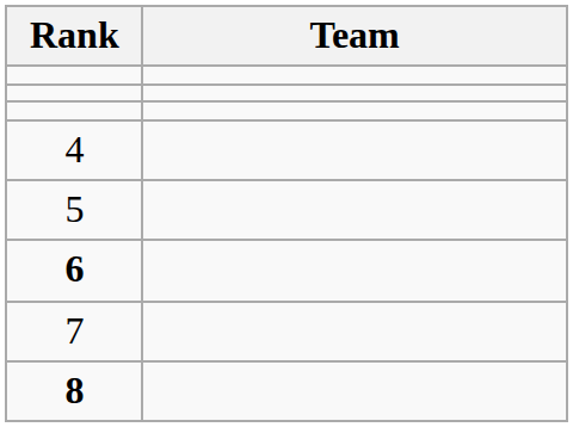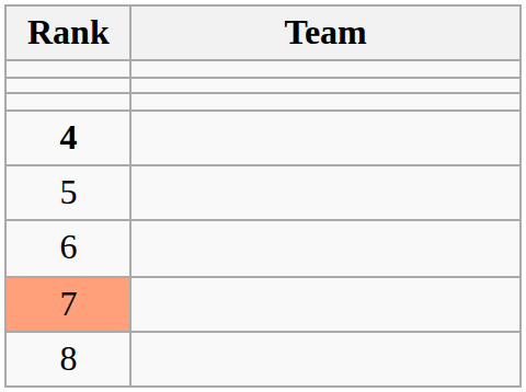 <table class=wikitable style="text-align:center;">
 <tr>
 <th width=50>Rank</th>
 <th width=170>Team</th>
 </tr>
 <tr>
 <td></td>
 <td align=left></td>
 </tr>
 <tr>
 <td></td>
 <td align=left></td>
 </tr>
 <tr>
 <td></td>
 <td align=left></td>
 </tr>
 <tr>
-<td>4</td>
+<td><strong>4</strong></td>
 <td align=left></td>
 </tr>
 <tr>
 <td>5</td>
 <td align=left></td>
 </tr>
 <tr>
-<td><strong>6</strong></td>
+<td>6</td>
 <td align=left></td>
 </tr>
 <tr>
-<td>7</td>
+<td style="background: lightsalmon;">7</td>
 <td align=left></td>
 </tr>
 <tr>
-<td><strong>8</strong></td>
+<td>8</td>
 <td align=left></td>
 </tr>
 </table>
